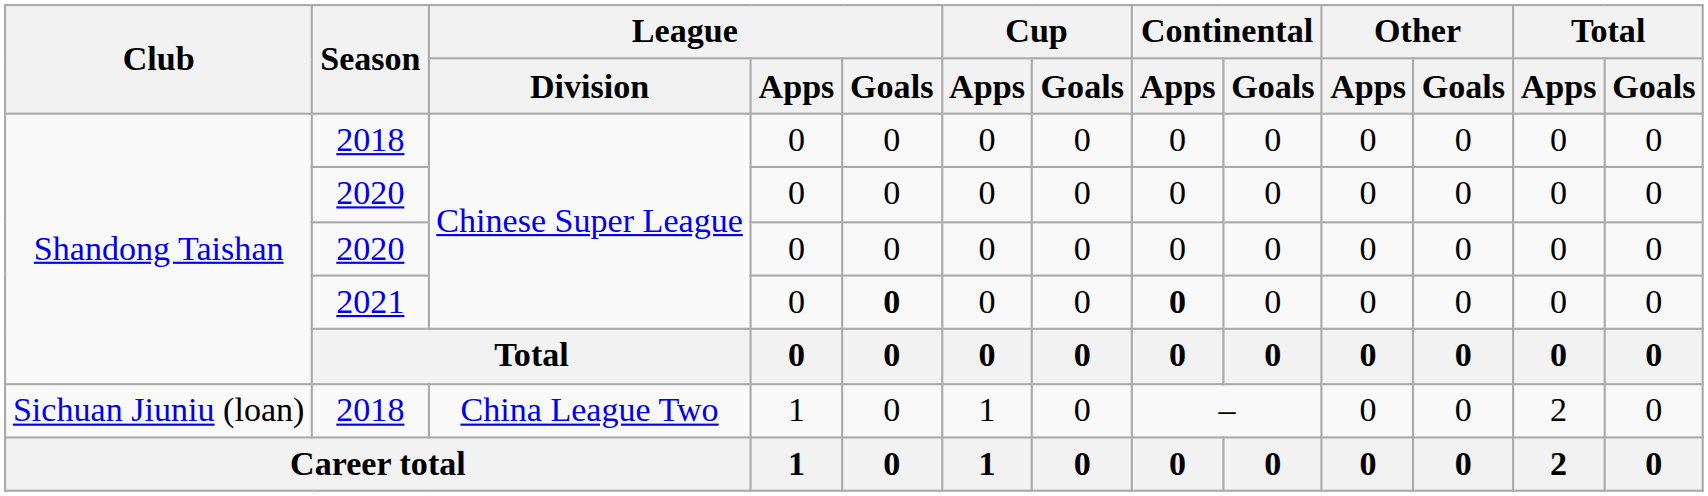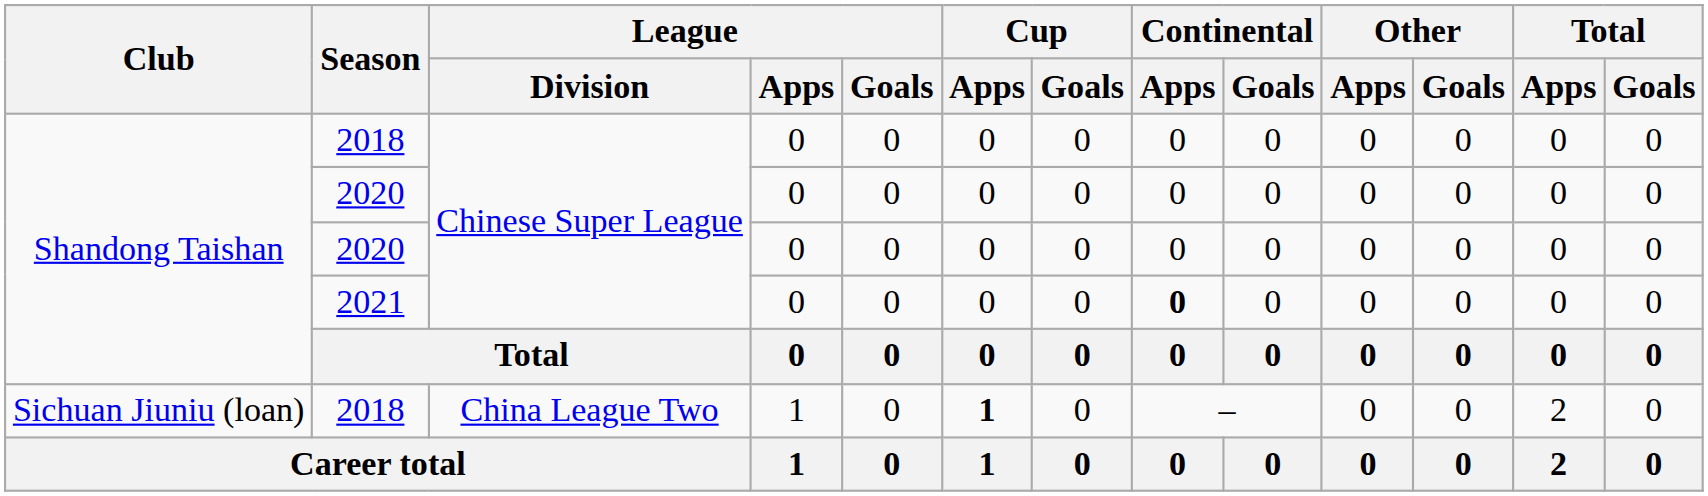 <table class="wikitable" style="text-align: center">
 <tr>
 <th rowspan="2">Club</th>
 <th rowspan="2">Season</th>
 <th colspan="3">League</th>
 <th colspan="2">Cup</th>
 <th colspan="2">Continental</th>
 <th colspan="2">Other</th>
 <th colspan="2">Total</th>
 </tr>
 <tr>
 <th>Division</th>
 <th>Apps</th>
 <th>Goals</th>
 <th>Apps</th>
 <th>Goals</th>
 <th>Apps</th>
 <th>Goals</th>
 <th>Apps</th>
 <th>Goals</th>
 <th>Apps</th>
 <th>Goals</th>
 </tr>
 <tr>
 <td rowspan="5"><a href='#'>Shandong Taishan</a></td>
 <td><a href='#'>2018</a></td>
 <td rowspan="4"><a href='#'>Chinese Super League</a></td>
 <td>0</td>
 <td>0</td>
 <td>0</td>
 <td>0</td>
 <td>0</td>
 <td>0</td>
 <td>0</td>
 <td>0</td>
 <td>0</td>
 <td>0</td>
 </tr>
 <tr>
 <td><a href='#'>2020</a></td>
 <td>0</td>
 <td>0</td>
 <td>0</td>
 <td>0</td>
 <td>0</td>
 <td>0</td>
 <td>0</td>
 <td>0</td>
 <td>0</td>
 <td>0</td>
 </tr>
 <tr>
 <td><a href='#'>2020</a></td>
 <td>0</td>
 <td>0</td>
 <td>0</td>
 <td>0</td>
 <td>0</td>
 <td>0</td>
 <td>0</td>
 <td>0</td>
 <td>0</td>
 <td>0</td>
 </tr>
 <tr>
 <td><a href='#'>2021</a></td>
 <td>0</td>
-<td><strong>0</strong></td>
+<td>0</td>
 <td>0</td>
 <td>0</td>
 <td><strong>0</strong></td>
 <td>0</td>
 <td>0</td>
 <td>0</td>
 <td>0</td>
 <td>0</td>
 </tr>
 <tr>
 <th colspan=2>Total</th>
 <th>0</th>
 <th>0</th>
 <th>0</th>
 <th>0</th>
 <th>0</th>
 <th>0</th>
 <th>0</th>
 <th>0</th>
 <th>0</th>
 <th>0</th>
 </tr>
 <tr>
 <td><a href='#'>Sichuan Jiuniu</a> (loan)</td>
 <td><a href='#'>2018</a></td>
 <td><a href='#'>China League Two</a></td>
 <td>1</td>
 <td>0</td>
-<td>1</td>
+<td><strong>1</strong></td>
 <td>0</td>
 <td colspan="2">–</td>
 <td>0</td>
 <td>0</td>
 <td>2</td>
 <td>0</td>
 </tr>
 <tr>
 <th colspan=3>Career total</th>
 <th>1</th>
 <th>0</th>
 <th>1</th>
 <th>0</th>
 <th>0</th>
 <th>0</th>
 <th>0</th>
 <th>0</th>
 <th>2</th>
 <th>0</th>
 </tr>
 </table>
